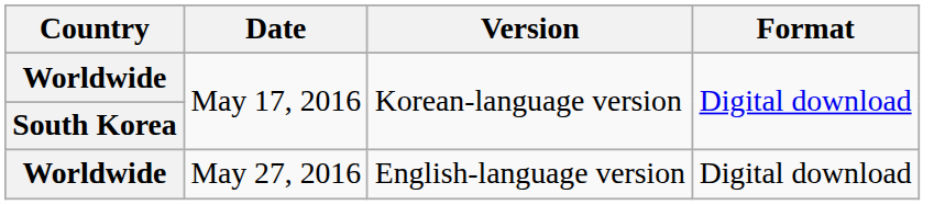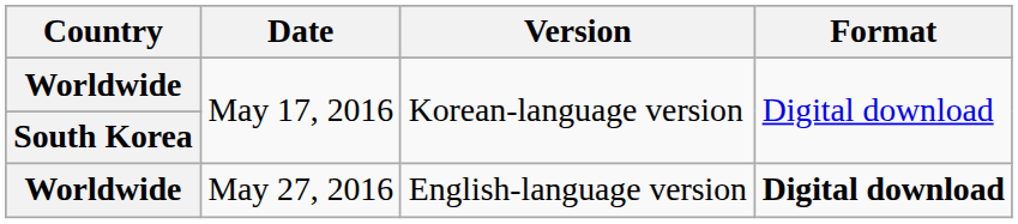 <table class="wikitable plainrowheaders">
 <tr>
 <th>Country</th>
 <th>Date</th>
 <th>Version</th>
 <th>Format</th>
 </tr>
 <tr>
 <th scope="row">Worldwide</th>
 <td rowspan="2">May 17, 2016</td>
 <td rowspan="2">Korean-language version</td>
 <td rowspan="2"><a href='#'>Digital download</a></td>
 </tr>
 <tr>
 <th scope="row">South Korea</th>
 </tr>
 <tr>
 <th scope="row">Worldwide</th>
 <td>May 27, 2016</td>
 <td>English-language version</td>
-<td>Digital download</td>
+<td><strong>Digital download</strong></td>
 </tr>
 </table>
